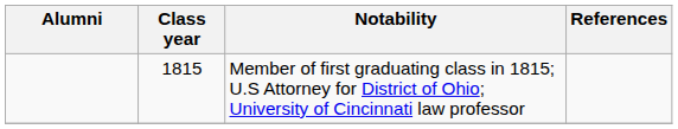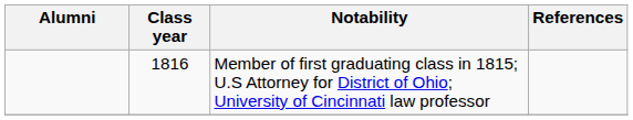 <table class="wikitable sortable" width=95%>
 <tr valign="top">
 <th width="20%">Alumni</th>
 <th width="13%">Class year</th>
 <th width="*" class="unsortable">Notability</th>
 <th width="4%" class="unsortable">References</th>
 </tr>
 <tr valign="top">
 <td></td>
-<td align="center">1815</td>
+<td align="center">1816</td>
 <td>Member of first graduating class in 1815; U.S Attorney for <a href='#'>District of Ohio</a>; <a href='#'>University of Cincinnati</a> law professor</td>
 <td></td>
 </tr>
 <tr valign="top">
 </tr>
 </table>
